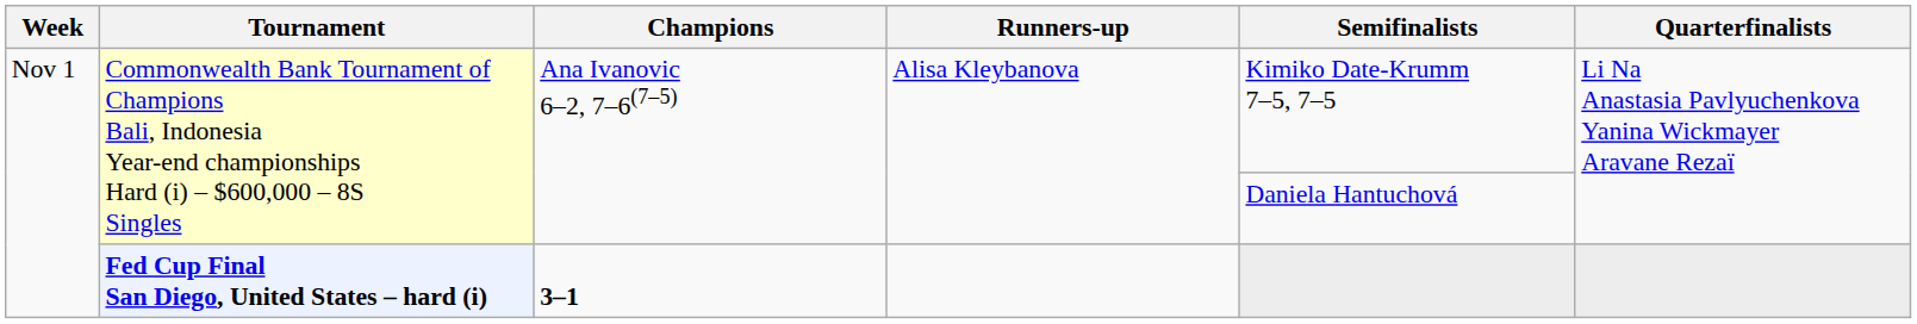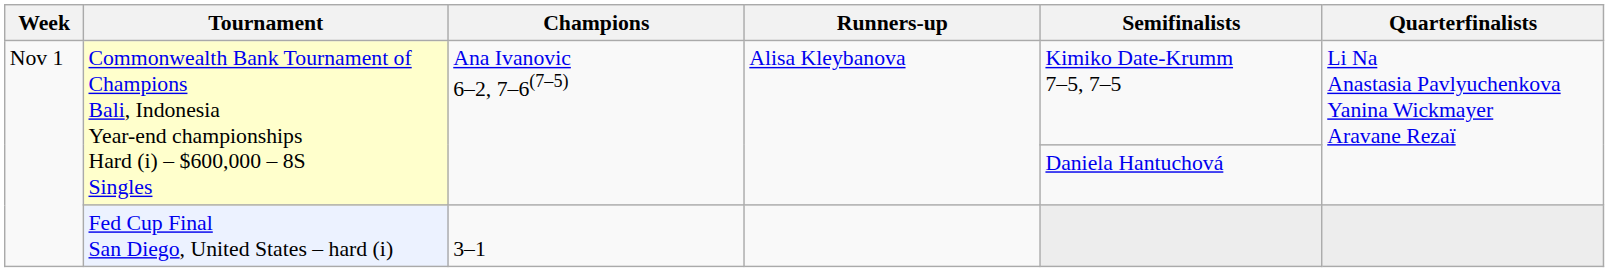 <table class=wikitable style=font-size:95%>
 <tr>
 <th style="width:48px;">Week</th>
 <th style="width:248px;">Tournament</th>
 <th style="width:200px;">Champions</th>
 <th style="width:200px;">Runners-up</th>
 <th style="width:190px;">Semifinalists</th>
 <th style="width:190px;">Quarterfinalists</th>
 </tr>
 <tr valign=top>
 <td rowspan=3>Nov 1</td>
 <td rowspan=2 style="background:#ffc;"><a href='#'>Commonwealth Bank Tournament of Champions</a><br> <a href='#'>Bali</a>, Indonesia<br>Year-end championships<br>Hard (i) – $600,000 – 8S<br><a href='#'>Singles</a></td>
 <td rowspan=2> <a href='#'>Ana Ivanovic</a><br>6–2, 7–6<sup>(7–5)</sup></td>
 <td rowspan=2> <a href='#'>Alisa Kleybanova</a></td>
 <td> <a href='#'>Kimiko Date-Krumm</a><br>7–5, 7–5</td>
 <td rowspan=2> <a href='#'>Li Na</a><br> <a href='#'>Anastasia Pavlyuchenkova</a><br> <a href='#'>Yanina Wickmayer</a><br> <a href='#'>Aravane Rezaï</a></td>
 </tr>
 <tr valign=top>
 <td> <a href='#'>Daniela Hantuchová</a></td>
 </tr>
 <tr valign=top>
-<td style="background:#ECF2FF;"><strong><a href='#'>Fed Cup Final</a><br><a href='#'>San Diego</a>, United States – hard (i)</strong></td>
-<td><strong> <br> 3–1</strong></td>
+<td style="background:#ECF2FF;"><a href='#'>Fed Cup Final</a><br><a href='#'>San Diego</a>, United States – hard (i)</td>
+<td> <br> 3–1</td>
 <td></td>
 <td style="background:#ededed;"></td>
 <td style="background:#ededed;"></td>
 </tr>
 </table>
